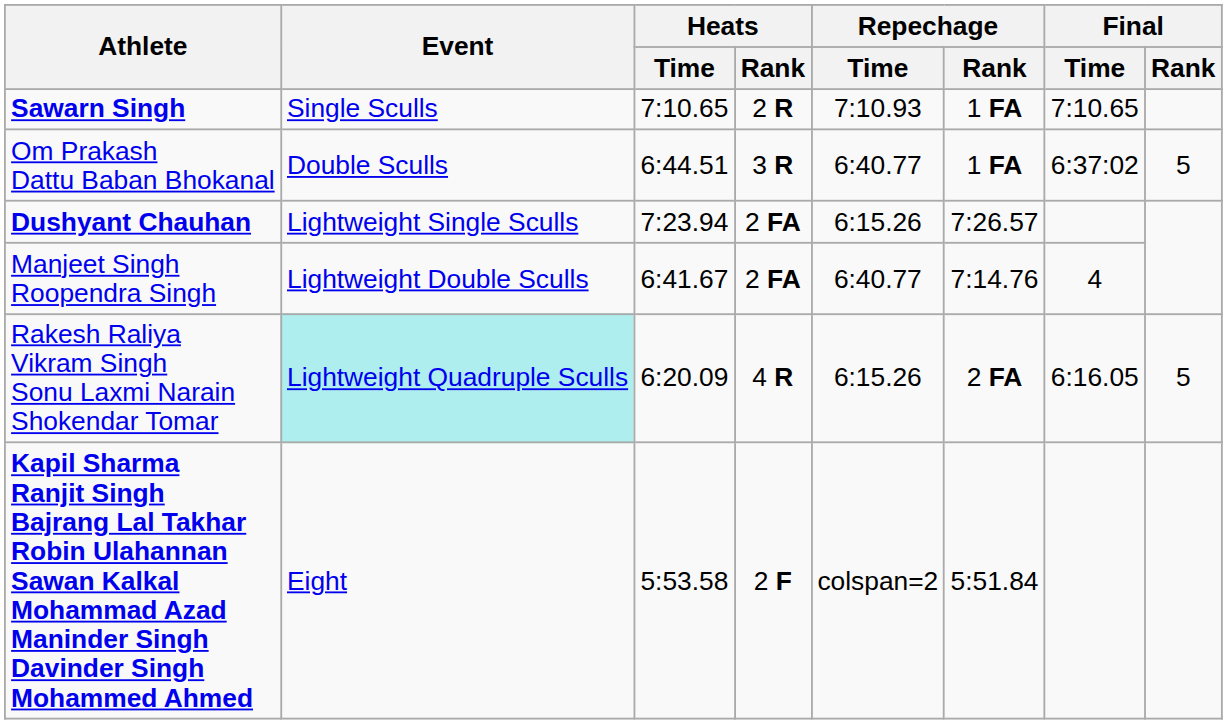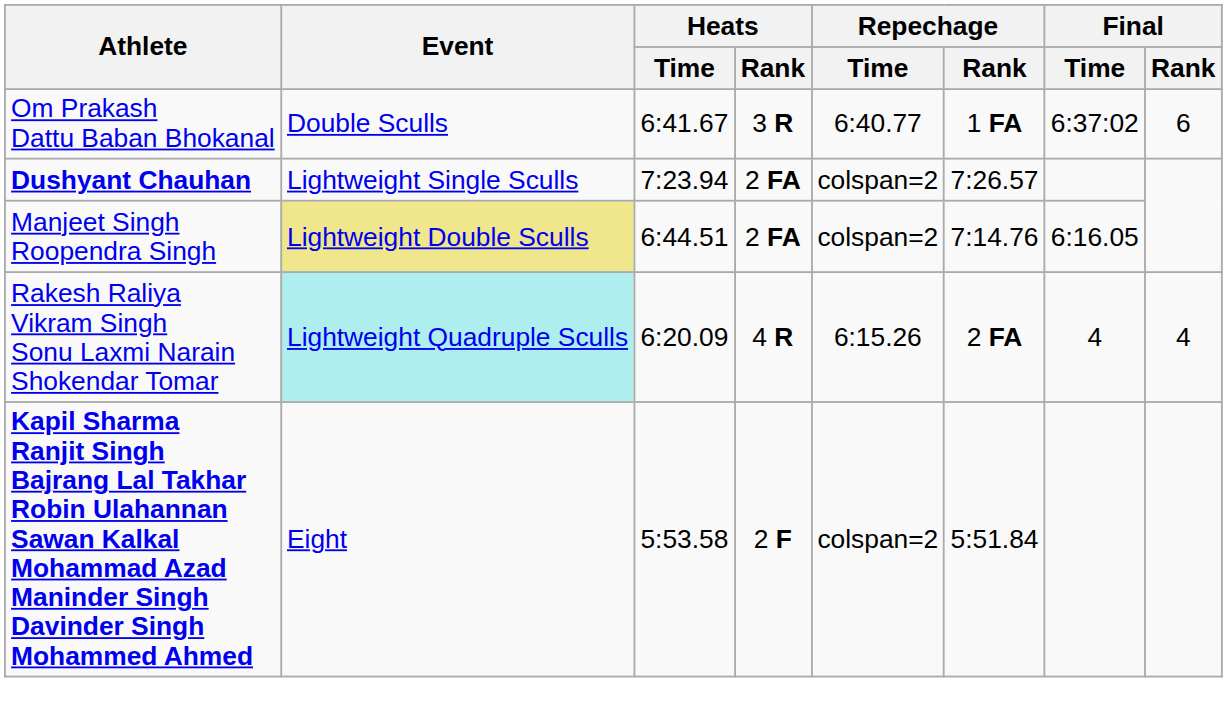 <table class=wikitable style="text-align:center; font-size:90%">
 <tr>
 <th rowspan="2">Athlete</th>
 <th rowspan="2">Event</th>
 <th colspan="2">Heats</th>
 <th colspan="2">Repechage</th>
 <th colspan="2">Final</th>
 </tr>
 <tr>
 <th>Time</th>
 <th>Rank</th>
 <th>Time</th>
 <th>Rank</th>
 <th>Time</th>
 <th>Rank</th>
 </tr>
 <tr>
-<td align=left><strong><a href='#'>Sawarn Singh</a></strong></td>
-<td align=left><a href='#'>Single Sculls</a></td>
-<td>7:10.65</td>
-<td>2 <strong>R</strong></td>
-<td>7:10.93</td>
-<td>1 <strong>FA</strong></td>
-<td>7:10.65</td>
-<td></td>
-</tr>
-<tr>
 <td align=left><a href='#'>Om Prakash</a><br><a href='#'>Dattu Baban Bhokanal</a></td>
 <td align=left><a href='#'>Double Sculls</a></td>
-<td>6:44.51</td>
+<td>6:41.67</td>
 <td>3 <strong>R</strong></td>
 <td>6:40.77</td>
 <td>1 <strong>FA</strong></td>
 <td>6:37:02</td>
-<td>5</td>
+<td>6</td>
 </tr>
 <tr>
 <td align=left><strong><a href='#'>Dushyant Chauhan</a></strong></td>
 <td align=left><a href='#'>Lightweight Single Sculls</a></td>
 <td>7:23.94</td>
 <td>2 <strong>FA</strong></td>
-<td>6:15.26</td>
+<td>colspan=2 </td>
 <td>7:26.57</td>
 <td></td>
 </tr>
 <tr>
 <td align=left><a href='#'>Manjeet Singh</a><br><a href='#'>Roopendra Singh</a></td>
-<td align=left><a href='#'>Lightweight Double Sculls</a></td>
-<td>6:41.67</td>
+<td align=left style="background: khaki;"><a href='#'>Lightweight Double Sculls</a></td>
+<td>6:44.51</td>
 <td>2 <strong>FA</strong></td>
-<td>6:40.77</td>
+<td>colspan=2 </td>
 <td>7:14.76</td>
-<td>4</td>
+<td>6:16.05</td>
 </tr>
 <tr>
 <td align=left><a href='#'>Rakesh Raliya</a><br><a href='#'>Vikram Singh</a><br><a href='#'>Sonu Laxmi Narain</a><br><a href='#'>Shokendar Tomar</a></td>
 <td align=left style="background: paleturquoise;"><a href='#'>Lightweight Quadruple Sculls</a></td>
 <td>6:20.09</td>
 <td>4 <strong>R</strong></td>
 <td>6:15.26</td>
 <td>2 <strong>FA</strong></td>
-<td>6:16.05</td>
-<td>5</td>
+<td>4</td>
+<td>4</td>
 </tr>
 <tr>
 <td align=left><strong><a href='#'>Kapil Sharma</a><br><a href='#'>Ranjit Singh</a><br><a href='#'>Bajrang Lal Takhar</a><br><a href='#'>Robin Ulahannan</a><br><a href='#'>Sawan Kalkal</a><br><a href='#'>Mohammad Azad</a><br><a href='#'>Maninder Singh</a><br><a href='#'>Davinder Singh</a><br><a href='#'>Mohammed Ahmed</a></strong></td>
 <td align=left><a href='#'>Eight</a></td>
 <td>5:53.58</td>
 <td>2 <strong>F</strong></td>
 <td>colspan=2 </td>
 <td>5:51.84</td>
 <td></td>
 </tr>
 </table>
